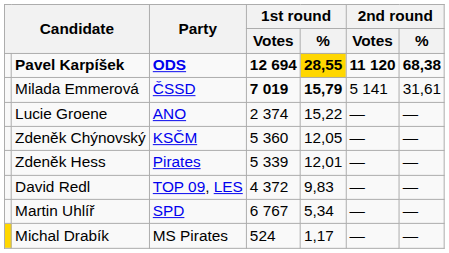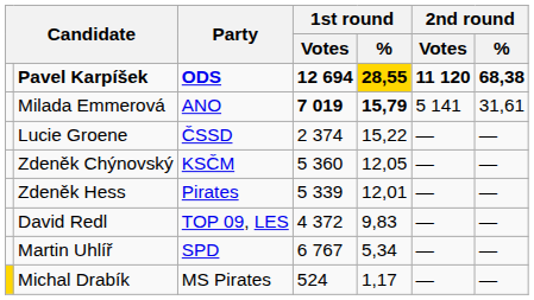 <table class="wikitable sortable">
 <tr>
 <th colspan="2" rowspan="2">Candidate</th>
 <th rowspan="2">Party</th>
 <th colspan="2">1st round</th>
 <th colspan="2">2nd round</th>
 </tr>
 <tr>
 <th>Votes</th>
 <th>%</th>
 <th>Votes</th>
 <th>%</th>
 </tr>
 <tr>
 <td style="background-color:"></td>
 <td><strong>Pavel Karpíšek</strong></td>
 <td><a href='#'><strong>ODS</strong></a></td>
 <td><strong>12 694</strong></td>
 <td style="background: gold;"><strong>28,55</strong></td>
 <td><strong>11 120</strong></td>
 <td><strong>68,38</strong></td>
 </tr>
 <tr>
 <td style="background-color:"></td>
 <td>Milada Emmerová</td>
-<td><a href='#'>ČSSD</a></td>
+<td><a href='#'>ANO</a></td>
 <td><strong>7 019</strong></td>
 <td><strong>15,79</strong></td>
 <td>5 141</td>
 <td>31,61</td>
 </tr>
 <tr>
 <td style="background-color:"></td>
 <td>Lucie Groene</td>
-<td><a href='#'>ANO</a></td>
+<td><a href='#'>ČSSD</a></td>
 <td>2 374</td>
 <td>15,22</td>
 <td>—</td>
 <td>—</td>
 </tr>
 <tr>
 <td style="background-color:"></td>
 <td>Zdeněk Chýnovský</td>
 <td><a href='#'>KSČM</a></td>
 <td>5 360</td>
 <td>12,05</td>
 <td>—</td>
 <td>—</td>
 </tr>
 <tr>
 <td style="background-color:"></td>
 <td>Zdeněk Hess</td>
 <td><a href='#'>Pirates</a></td>
 <td>5 339</td>
 <td>12,01</td>
 <td>—</td>
 <td>—</td>
 </tr>
 <tr>
 <td style="background-color:"></td>
 <td>David Redl</td>
 <td><a href='#'>TOP 09</a>, <a href='#'>LES</a></td>
 <td>4 372</td>
 <td>9,83</td>
 <td>—</td>
 <td>—</td>
 </tr>
 <tr>
 <td style="background-color:"></td>
 <td>Martin Uhlíř</td>
 <td><a href='#'>SPD</a></td>
 <td>6 767</td>
 <td>5,34</td>
 <td>—</td>
 <td>—</td>
 </tr>
 <tr>
 <td style="background-color:gold;"></td>
 <td>Michal Drabík</td>
 <td>MS Pirates</td>
 <td>524</td>
 <td>1,17</td>
 <td>—</td>
 <td>—</td>
 </tr>
 </table>
